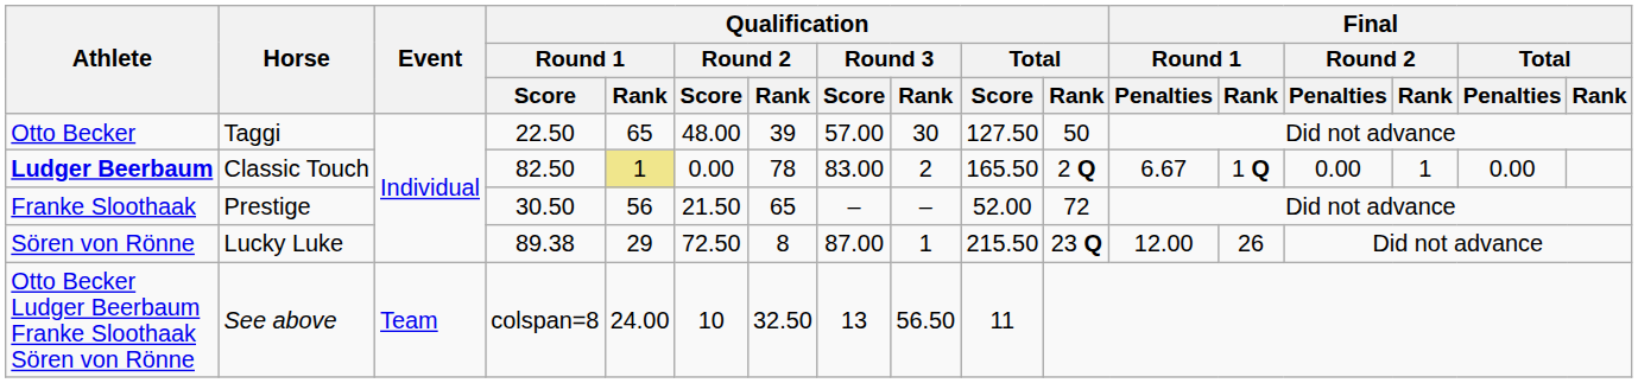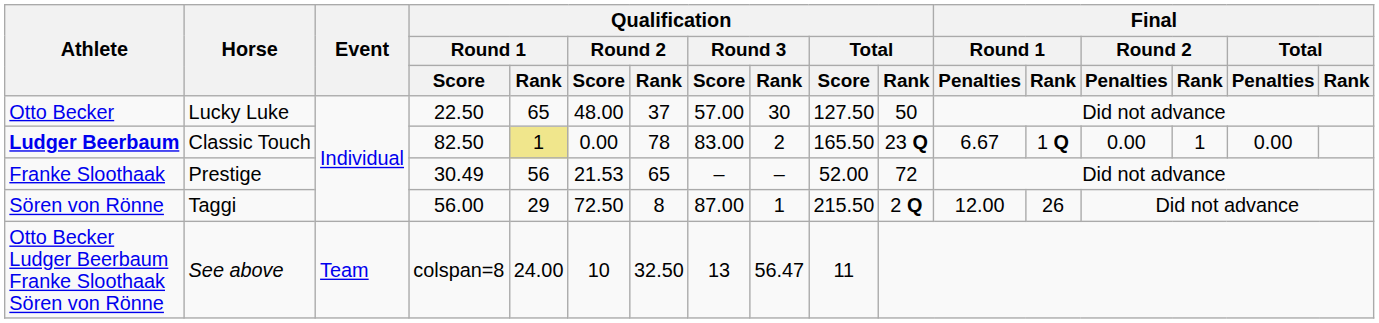 <table class=wikitable style="font-size:90%">
 <tr>
 <th rowspan="3">Athlete</th>
 <th rowspan="3">Horse</th>
 <th rowspan="3">Event</th>
 <th colspan="8">Qualification</th>
 <th colspan="6">Final</th>
 </tr>
 <tr style="font-size:95%">
 <th colspan=2>Round 1</th>
 <th colspan=2>Round 2</th>
 <th colspan=2>Round 3</th>
 <th colspan=2>Total</th>
 <th colspan=2>Round 1</th>
 <th colspan=2>Round 2</th>
 <th colspan=2>Total</th>
 </tr>
 <tr style="font-size:95%">
 <th>Score</th>
 <th>Rank</th>
 <th>Score</th>
 <th>Rank</th>
 <th>Score</th>
 <th>Rank</th>
 <th>Score</th>
 <th>Rank</th>
 <th>Penalties</th>
 <th>Rank</th>
 <th>Penalties</th>
 <th>Rank</th>
 <th>Penalties</th>
 <th>Rank</th>
 </tr>
 <tr align=center>
 <td align=left><a href='#'>Otto Becker</a></td>
-<td align=left>Taggi</td>
+<td align=left>Lucky Luke</td>
 <td align=left rowspan=4><a href='#'>Individual</a></td>
 <td>22.50</td>
 <td>65</td>
 <td>48.00</td>
-<td>39</td>
+<td>37</td>
 <td>57.00</td>
 <td>30</td>
 <td>127.50</td>
 <td>50</td>
 <td colspan=6>Did not advance</td>
 </tr>
 <tr align=center>
 <td align=left><strong><a href='#'>Ludger Beerbaum</a></strong></td>
 <td align=left>Classic Touch</td>
 <td>82.50</td>
 <td style="background: khaki;">1</td>
 <td>0.00</td>
 <td>78</td>
 <td>83.00</td>
 <td>2</td>
 <td>165.50</td>
-<td>2 <strong>Q</strong></td>
+<td>23 <strong>Q</strong></td>
 <td>6.67</td>
 <td>1 <strong>Q</strong></td>
 <td>0.00</td>
 <td>1</td>
 <td>0.00</td>
 <td></td>
 </tr>
 <tr align=center>
 <td align=left><a href='#'>Franke Sloothaak</a></td>
 <td align=left>Prestige</td>
-<td>30.50</td>
+<td>30.49</td>
 <td>56</td>
-<td>21.50</td>
+<td>21.53</td>
 <td>65</td>
 <td>–</td>
 <td>–</td>
 <td>52.00</td>
 <td>72</td>
 <td colspan=6>Did not advance</td>
 </tr>
 <tr align=center>
 <td align=left><a href='#'>Sören von Rönne</a></td>
-<td align=left>Lucky Luke</td>
-<td>89.38</td>
+<td align=left>Taggi</td>
+<td>56.00</td>
 <td>29</td>
 <td>72.50</td>
 <td>8</td>
 <td>87.00</td>
 <td>1</td>
 <td>215.50</td>
-<td>23 <strong>Q</strong></td>
+<td>2 <strong>Q</strong></td>
 <td>12.00</td>
 <td>26</td>
 <td colspan=4>Did not advance</td>
 </tr>
 <tr align=center>
 <td align=left><a href='#'>Otto Becker</a><br><a href='#'>Ludger Beerbaum</a><br><a href='#'>Franke Sloothaak</a><br><a href='#'>Sören von Rönne</a></td>
 <td align=left><em>See above</em></td>
 <td align=left><a href='#'>Team</a></td>
 <td>colspan=8</td>
 <td>24.00</td>
 <td>10</td>
 <td>32.50</td>
 <td>13</td>
-<td>56.50</td>
+<td>56.47</td>
 <td>11</td>
 </tr>
 </table>
